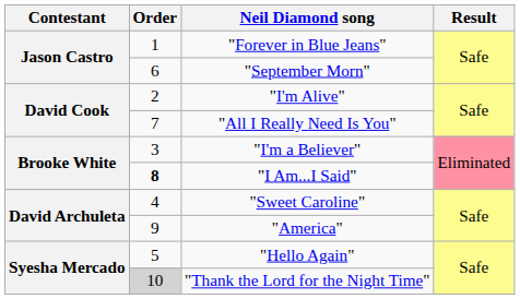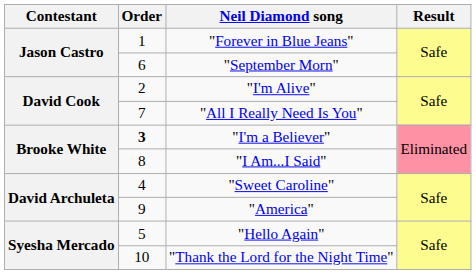 <table class="wikitable unsortable" style="text-align:center;">
 <tr>
 <th scope="col">Contestant</th>
 <th scope="col">Order</th>
 <th scope="col"><a href='#'>Neil Diamond</a> song</th>
 <th scope="col">Result</th>
 </tr>
 <tr>
 <th scope="row" rowspan="2">Jason Castro</th>
 <td>1</td>
 <td>"<a href='#'>Forever in Blue Jeans</a>"</td>
 <td rowspan="2" style="background:#FDFC8F">Safe</td>
 </tr>
 <tr>
 <td>6</td>
 <td>"<a href='#'>September Morn</a>"</td>
 </tr>
 <tr>
 <th scope="row" rowspan="2">David Cook</th>
 <td>2</td>
 <td>"<a href='#'>I'm Alive</a>"</td>
 <td rowspan="2" style="background:#FDFC8F">Safe</td>
 </tr>
 <tr>
 <td>7</td>
 <td>"<a href='#'>All I Really Need Is You</a>"</td>
 </tr>
 <tr>
 <th scope="row" rowspan="2">Brooke White</th>
-<td>3</td>
+<td><strong>3</strong></td>
 <td>"<a href='#'>I'm a Believer</a>"</td>
 <td rowspan="2" bgcolor="FF91A4">Eliminated</td>
 </tr>
 <tr>
-<td><strong>8</strong></td>
+<td>8</td>
 <td>"<a href='#'>I Am...I Said</a>"</td>
 </tr>
 <tr>
 <th scope="row" rowspan="2">David Archuleta</th>
 <td>4</td>
 <td>"<a href='#'>Sweet Caroline</a>"</td>
 <td rowspan="2" style="background:#FDFC8F">Safe</td>
 </tr>
 <tr>
 <td>9</td>
 <td>"<a href='#'>America</a>"</td>
 </tr>
 <tr>
 <th scope="row" rowspan="2">Syesha Mercado</th>
 <td>5</td>
 <td>"<a href='#'>Hello Again</a>"</td>
 <td rowspan="2" style="background:#FDFC8F">Safe</td>
 </tr>
 <tr>
-<td style="background: lightgrey;">10</td>
+<td>10</td>
 <td>"<a href='#'>Thank the Lord for the Night Time</a>"</td>
 </tr>
 </table>
